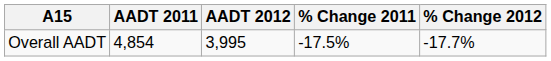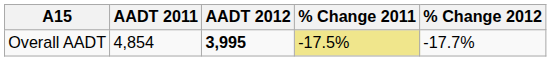 <table class="wikitable">
 <tr>
 <th>A15</th>
 <th>AADT 2011</th>
 <th>AADT 2012</th>
 <th>% Change 2011</th>
 <th>% Change 2012</th>
 </tr>
 <tr>
 <td>Overall AADT</td>
 <td>4,854</td>
-<td>3,995</td>
-<td>-17.5%</td>
+<td><strong>3,995</strong></td>
+<td style="background: khaki;">-17.5%</td>
 <td>-17.7%</td>
 </tr>
 </table>
